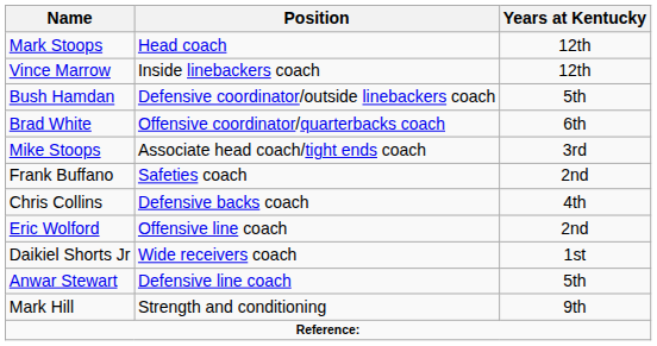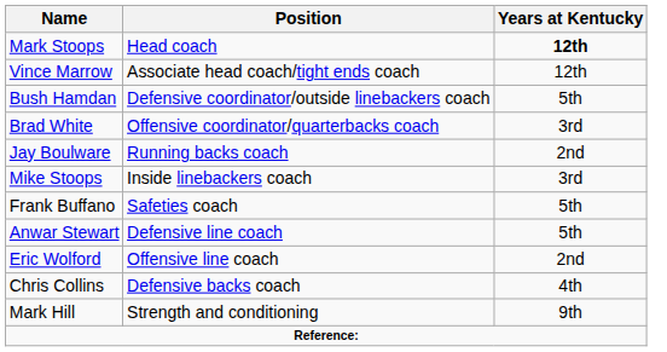 <table class="wikitable" style="font-size:90%;">
 <tr>
 <th>Name</th>
 <th>Position</th>
 <th>Years at Kentucky</th>
 </tr>
 <tr>
 <td><a href='#'>Mark Stoops</a></td>
 <td><a href='#'>Head coach</a></td>
-<td align=center>12th</td>
+<td align=center><strong>12th</strong></td>
 </tr>
 <tr>
 <td><a href='#'>Vince Marrow</a></td>
-<td>Inside <a href='#'>linebackers</a> coach</td>
+<td>Associate head coach/<a href='#'>tight ends</a> coach</td>
 <td align=center>12th</td>
 </tr>
 <tr>
 <td><a href='#'>Bush Hamdan</a></td>
 <td><a href='#'>Defensive coordinator</a>/outside <a href='#'>linebackers</a> coach</td>
 <td align=center>5th</td>
 </tr>
 <tr>
 <td><a href='#'>Brad White</a></td>
 <td><a href='#'>Offensive coordinator</a>/<a href='#'>quarterbacks coach</a></td>
-<td align=center>6th</td>
+<td align=center>3rd</td>
+</tr>
+<tr>
+<td><a href='#'>Jay Boulware</a></td>
+<td><a href='#'>Running backs coach</a></td>
+<td align=center>2nd</td>
 </tr>
 <tr>
 <td><a href='#'>Mike Stoops</a></td>
-<td>Associate head coach/<a href='#'>tight ends</a> coach</td>
+<td>Inside <a href='#'>linebackers</a> coach</td>
 <td align=center>3rd</td>
 </tr>
 <tr>
 <td>Frank Buffano</td>
 <td><a href='#'>Safeties</a> coach</td>
-<td align=center>2nd</td>
+<td align=center>5th</td>
 </tr>
 <tr>
-<td>Chris Collins</td>
-<td><a href='#'>Defensive backs</a> coach</td>
-<td align=center>4th</td>
+<td><a href='#'>Anwar Stewart</a></td>
+<td><a href='#'>Defensive line coach</a></td>
+<td align=center>5th</td>
 </tr>
 <tr>
 <td><a href='#'>Eric Wolford</a></td>
 <td><a href='#'>Offensive line</a> coach</td>
 <td align=center>2nd</td>
 </tr>
 <tr>
-<td>Daikiel Shorts Jr</td>
-<td><a href='#'>Wide receivers</a> coach</td>
-<td align=center>1st</td>
-</tr>
-<tr>
-<td><a href='#'>Anwar Stewart</a></td>
-<td><a href='#'>Defensive line coach</a></td>
-<td align=center>5th</td>
+<td>Chris Collins</td>
+<td><a href='#'>Defensive backs</a> coach</td>
+<td align=center>4th</td>
 </tr>
 <tr>
 <td>Mark Hill</td>
 <td>Strength and conditioning</td>
 <td align=center>9th</td>
 </tr>
 <tr>
 <td colspan="3" style="font-size:8pt; text-align:center;"><strong>Reference:</strong></td>
 </tr>
 </table>
